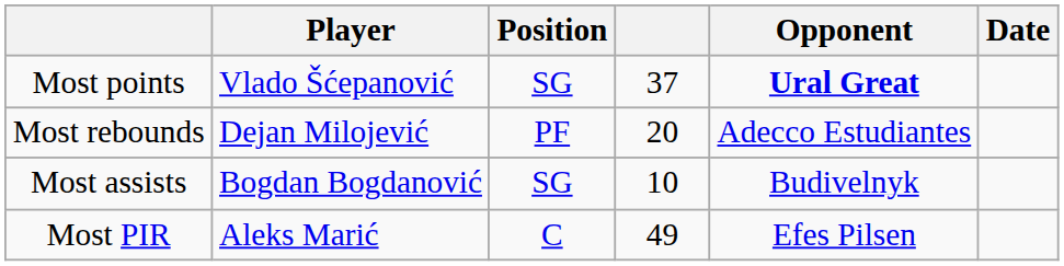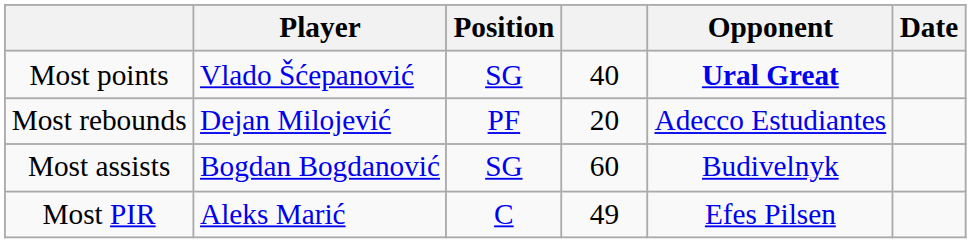 <table class="wikitable sortable" style="text-align:center">
 <tr>
 <th></th>
 <th>Player</th>
 <th>Position</th>
 <th style="width:40px; "></th>
 <th>Opponent</th>
 <th>Date</th>
 </tr>
 <tr>
 <td>Most points</td>
 <td style="text-align:left;"> <a href='#'>Vlado Šćepanović</a></td>
 <td><a href='#'>SG</a></td>
-<td>37</td>
+<td>40</td>
 <td><strong> <a href='#'>Ural Great</a></strong></td>
 <td></td>
 </tr>
 <tr>
 <td>Most rebounds</td>
 <td style="text-align:left;"> <a href='#'>Dejan Milojević</a></td>
 <td><a href='#'>PF</a></td>
 <td>20</td>
 <td> <a href='#'>Adecco Estudiantes</a></td>
 <td></td>
 </tr>
 <tr>
 <td>Most assists</td>
 <td style="text-align:left;"> <a href='#'>Bogdan Bogdanović</a></td>
 <td><a href='#'>SG</a></td>
-<td>10</td>
+<td>60</td>
 <td> <a href='#'>Budivelnyk</a></td>
 <td></td>
 </tr>
 <tr>
 <td>Most <a href='#'>PIR</a></td>
 <td style="text-align:left;"> <a href='#'>Aleks Marić</a></td>
 <td><a href='#'>C</a></td>
 <td>49</td>
 <td> <a href='#'>Efes Pilsen</a></td>
 <td></td>
 </tr>
 </table>
